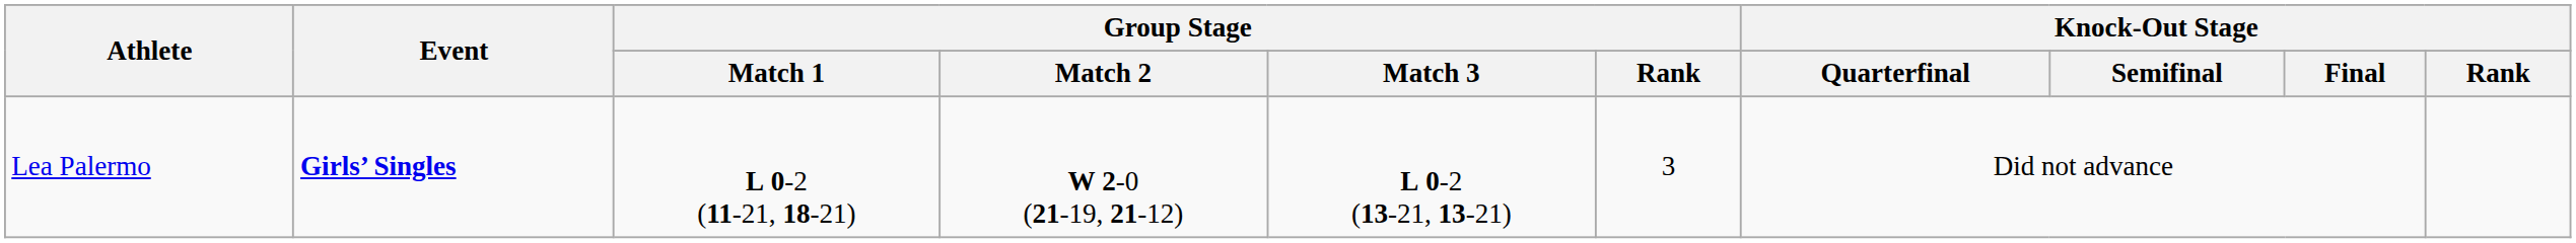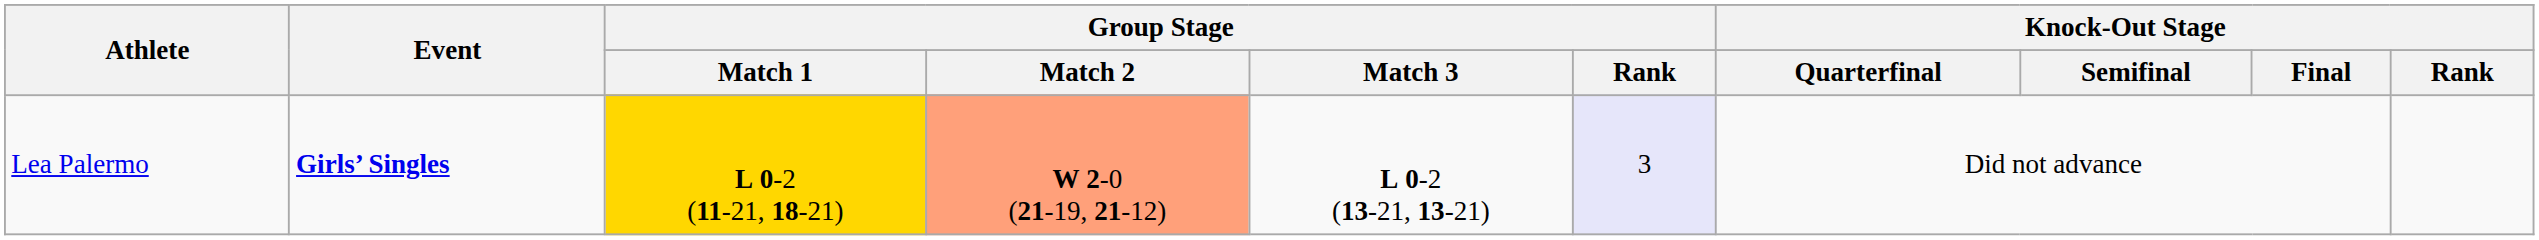 <table class="wikitable" width="85%" style="text-align:left; font-size:90%">
 <tr>
 <th rowspan=2>Athlete</th>
 <th rowspan=2>Event</th>
 <th colspan=4>Group Stage</th>
 <th colspan=4>Knock-Out Stage</th>
 </tr>
 <tr>
 <th>Match 1</th>
 <th>Match 2</th>
 <th>Match 3</th>
 <th>Rank</th>
 <th>Quarterfinal</th>
 <th>Semifinal</th>
 <th>Final</th>
 <th>Rank</th>
 </tr>
 <tr>
 <td><a href='#'>Lea Palermo</a></td>
 <td><strong><a href='#'>Girls’ Singles</a></strong></td>
-<td align=center> <br><br><strong>L</strong> <strong>0</strong>-2 <br> (<strong>11</strong>-21, <strong>18</strong>-21)</td>
-<td align=center> <br><br><strong>W</strong> <strong>2</strong>-0 <br> (<strong>21</strong>-19, <strong>21</strong>-12)</td>
+<td align=center style="background: gold;"> <br><br><strong>L</strong> <strong>0</strong>-2 <br> (<strong>11</strong>-21, <strong>18</strong>-21)</td>
+<td align=center style="background: lightsalmon;"> <br><br><strong>W</strong> <strong>2</strong>-0 <br> (<strong>21</strong>-19, <strong>21</strong>-12)</td>
 <td align=center> <br><br><strong>L</strong> <strong>0</strong>-2 <br> (<strong>13</strong>-21, <strong>13</strong>-21)</td>
-<td align=center>3</td>
+<td align=center style="background: lavender;">3</td>
 <td colspan="3" align=center>Did not advance</td>
 <td align=center></td>
 </tr>
 </table>
